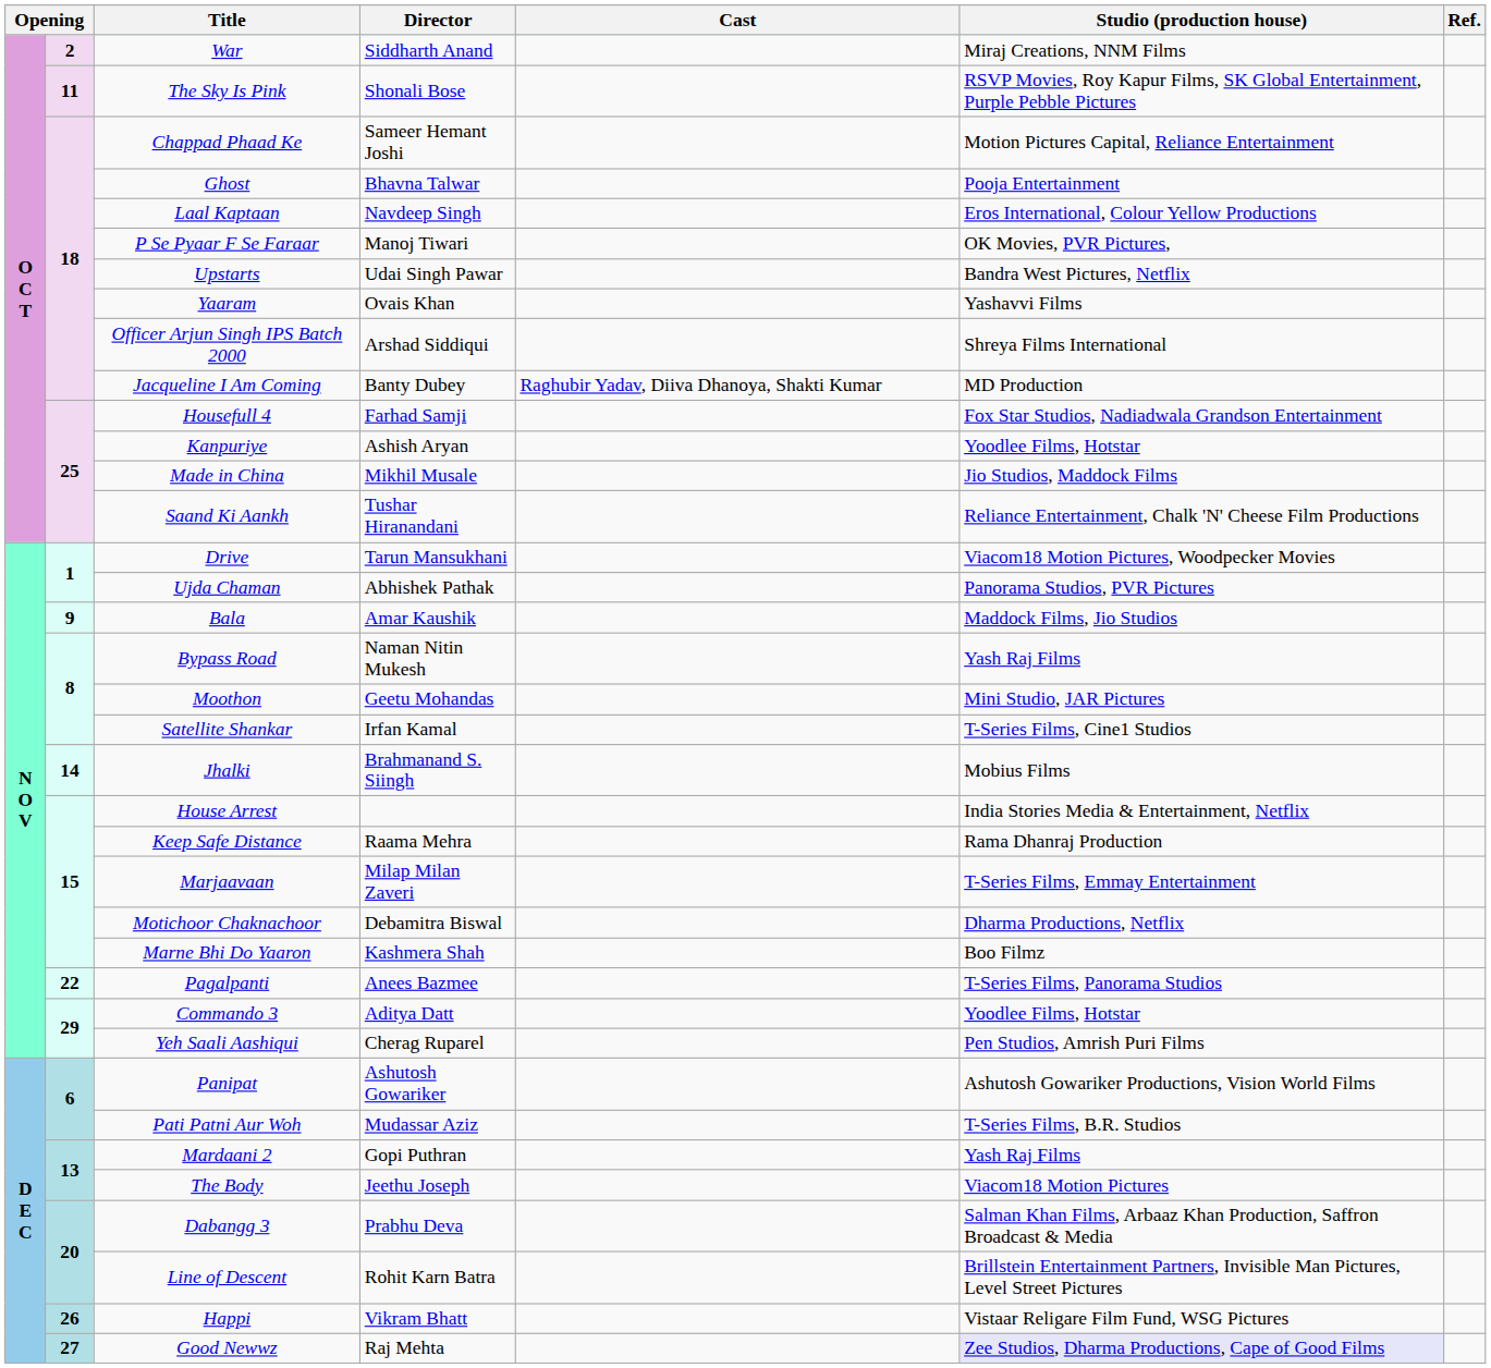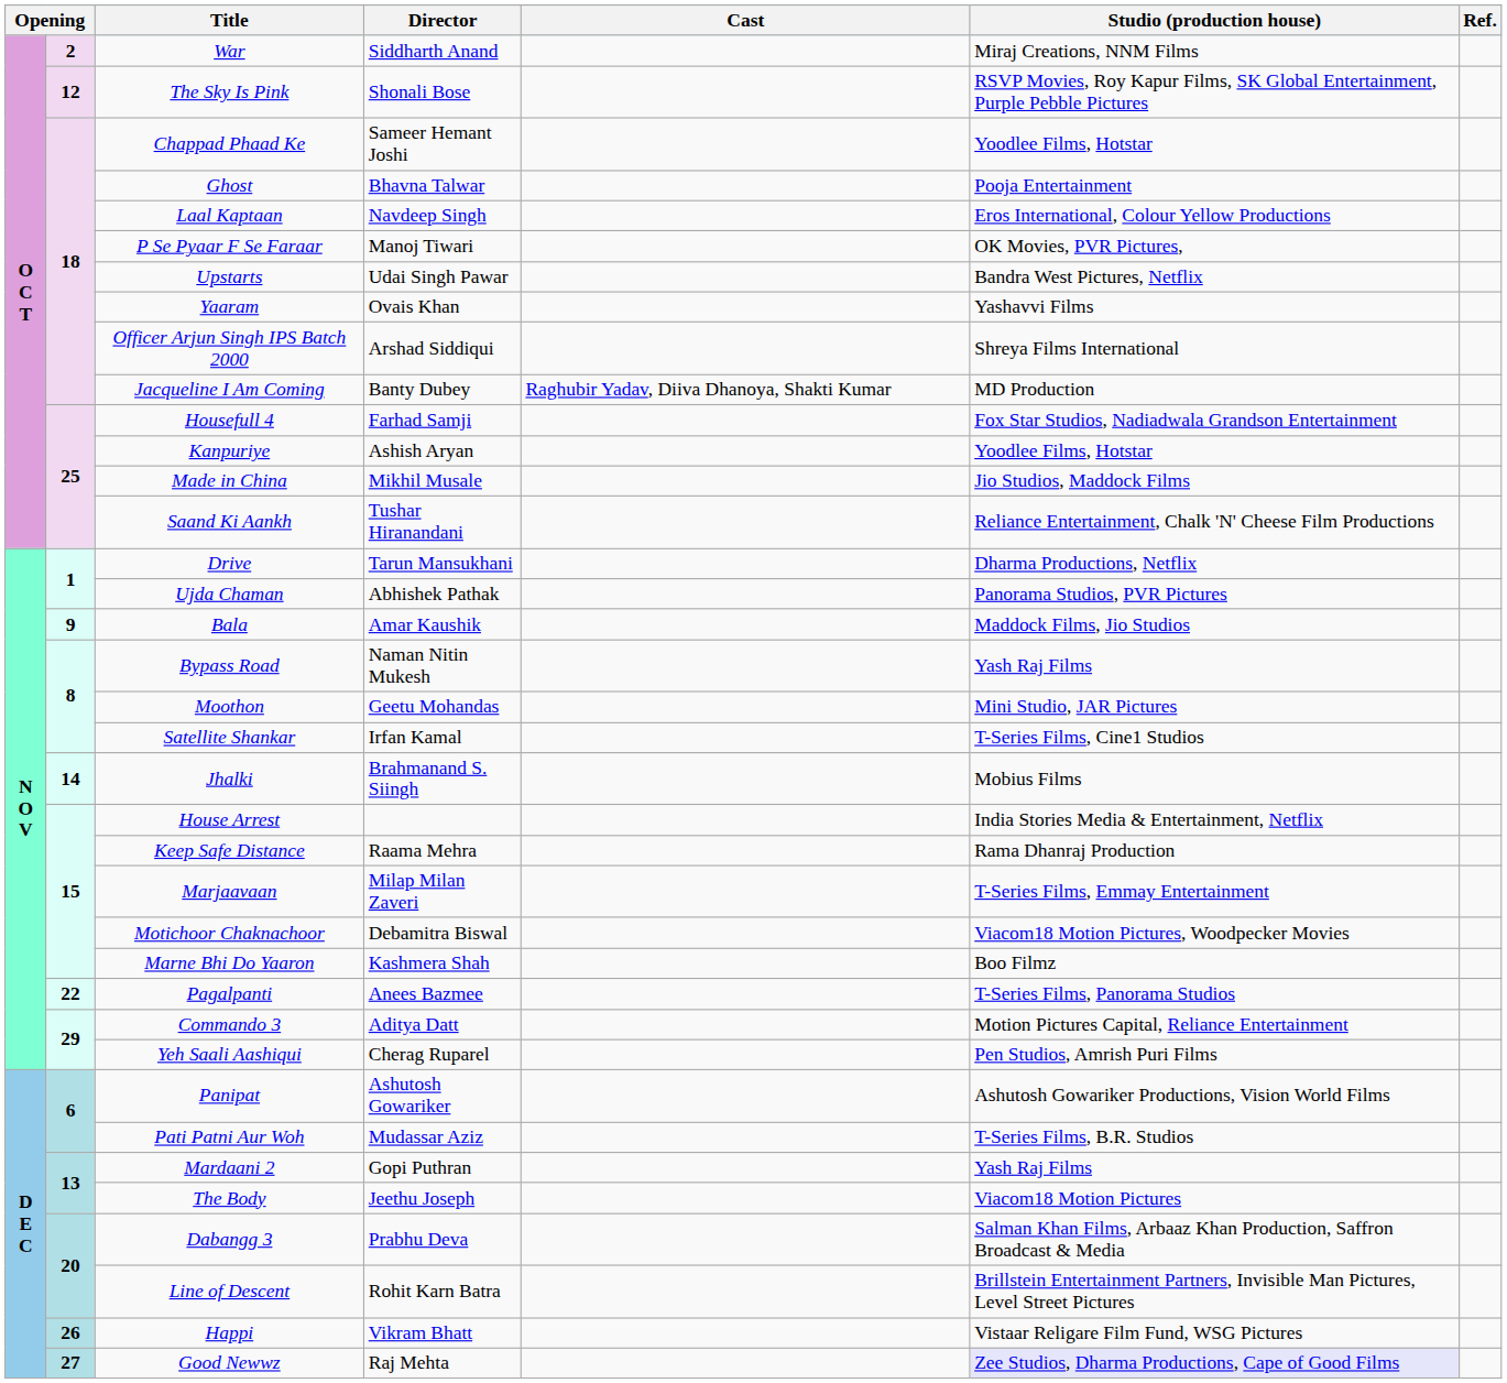 <table class="wikitable">
 <tr style="background:#b0e0e6; text-align:center;">
 <th colspan="2" style="width:6%;"><strong>Opening</strong></th>
 <th style="width:18%;"><strong>Title</strong></th>
 <th style="width:10.5%;"><strong>Director</strong></th>
 <th style="width:30%;"><strong>Cast</strong></th>
 <th>Studio (production house)</th>
 <th>Ref.</th>
 </tr>
 <tr>
 <td rowspan="14" style="text-align:center; background:plum;"><strong>O<br>C<br>T</strong></td>
 <td style="text-align:center; background:#f1daf1;"><strong>2</strong></td>
 <td style="text-align:center;"><em><a href='#'>War</a></em></td>
 <td><a href='#'>Siddharth Anand</a></td>
 <td></td>
 <td>Miraj Creations, NNM Films</td>
 <td></td>
 </tr>
 <tr>
-<td style="text-align:center; background:#f1daf1;"><strong>11</strong></td>
+<td style="text-align:center; background:#f1daf1;"><strong>12</strong></td>
 <td style="text-align:center;"><em><a href='#'>The Sky Is Pink</a> </em></td>
 <td><a href='#'>Shonali Bose</a></td>
 <td></td>
 <td><a href='#'>RSVP Movies</a>, Roy Kapur Films, <a href='#'>SK Global Entertainment</a>, <a href='#'>Purple Pebble Pictures</a></td>
 <td></td>
 </tr>
 <tr>
 <td rowspan="8" style="text-align:center;background:#f1daf1;"><strong>18</strong></td>
 <td style="text-align:center;"><em><a href='#'>Chappad Phaad Ke</a> </em></td>
 <td>Sameer Hemant Joshi</td>
 <td></td>
-<td>Motion Pictures Capital, <a href='#'>Reliance Entertainment</a></td>
+<td><a href='#'>Yoodlee Films</a>, <a href='#'>Hotstar</a></td>
 <td></td>
 </tr>
 <tr>
 <td style="text-align:center;"><em><a href='#'>Ghost</a></em></td>
 <td><a href='#'>Bhavna Talwar</a></td>
 <td></td>
 <td><a href='#'>Pooja Entertainment</a></td>
 <td></td>
 </tr>
 <tr>
 <td style="text-align:center;"><em><a href='#'>Laal Kaptaan</a></em></td>
 <td><a href='#'>Navdeep Singh</a></td>
 <td></td>
 <td><a href='#'>Eros International</a>, <a href='#'>Colour Yellow Productions</a></td>
 <td></td>
 </tr>
 <tr>
 <td style="text-align:center;"><em><a href='#'>P Se Pyaar F Se Faraar</a> </em></td>
 <td>Manoj Tiwari</td>
 <td></td>
 <td>OK Movies, <a href='#'>PVR Pictures</a>,</td>
 <td></td>
 </tr>
 <tr>
 <td style="text-align:center;"><em><a href='#'>Upstarts</a></em></td>
 <td>Udai Singh Pawar</td>
 <td></td>
 <td>Bandra West Pictures, <a href='#'>Netflix</a></td>
 <td></td>
 </tr>
 <tr>
 <td style="text-align:center;"><em><a href='#'>Yaaram</a></em></td>
 <td>Ovais Khan</td>
 <td></td>
 <td>Yashavvi Films</td>
 <td></td>
 </tr>
 <tr>
 <td style="text-align:center;"><em><a href='#'>Officer Arjun Singh IPS Batch 2000</a></em></td>
 <td>Arshad Siddiqui</td>
 <td></td>
 <td>Shreya Films International</td>
 <td></td>
 </tr>
 <tr>
 <td style="text-align:center;"><em><a href='#'>Jacqueline I Am Coming</a></em></td>
 <td>Banty Dubey</td>
 <td><a href='#'>Raghubir Yadav</a>, Diiva Dhanoya, Shakti Kumar</td>
 <td>MD Production</td>
 <td></td>
 </tr>
 <tr>
 <td rowspan="4" style="text-align:center;background:#f1daf1;"><strong>25</strong></td>
 <td style="text-align:center;"><em><a href='#'>Housefull 4</a></em></td>
 <td><a href='#'>Farhad Samji</a></td>
 <td></td>
 <td><a href='#'>Fox Star Studios</a>, <a href='#'>Nadiadwala Grandson Entertainment</a></td>
 <td></td>
 </tr>
 <tr>
 <td style="text-align:center;"><em><a href='#'>Kanpuriye</a></em></td>
 <td>Ashish Aryan</td>
 <td></td>
 <td><a href='#'>Yoodlee Films</a>, <a href='#'>Hotstar</a></td>
 <td></td>
 </tr>
 <tr>
 <td style="text-align:center;"><em><a href='#'>Made in China</a></em></td>
 <td><a href='#'>Mikhil Musale</a></td>
 <td></td>
 <td><a href='#'>Jio Studios</a>, <a href='#'>Maddock Films</a></td>
 <td></td>
 </tr>
 <tr>
 <td style="text-align:center;"><em><a href='#'>Saand Ki Aankh</a></em></td>
 <td><a href='#'>Tushar Hiranandani</a></td>
 <td></td>
 <td><a href='#'>Reliance Entertainment</a>, Chalk 'N' Cheese Film Productions</td>
 <td></td>
 </tr>
 <tr>
 <td rowspan="15" style="text-align:center; background:#7FFFD4; textcolor:#000;"><strong>N<br>O<br>V</strong></td>
 <td rowspan="2" style="text-align:center;background:#dbfff8;"><strong>1</strong></td>
 <td style="text-align:center;"><em><a href='#'>Drive</a></em></td>
 <td><a href='#'>Tarun Mansukhani</a></td>
 <td></td>
-<td><a href='#'>Viacom18 Motion Pictures</a>, Woodpecker Movies</td>
+<td><a href='#'>Dharma Productions</a>, <a href='#'>Netflix</a></td>
 <td></td>
 </tr>
 <tr>
 <td style="text-align:center;"><em><a href='#'>Ujda Chaman</a></em></td>
 <td>Abhishek Pathak</td>
 <td></td>
 <td><a href='#'>Panorama Studios</a>, <a href='#'>PVR Pictures</a></td>
 <td></td>
 </tr>
 <tr>
 <td style="text-align:center; background:#dbfff8;"><strong>9</strong></td>
 <td style="text-align:center;"><em><a href='#'>Bala</a></em></td>
 <td><a href='#'>Amar Kaushik</a></td>
 <td></td>
 <td><a href='#'>Maddock Films</a>, <a href='#'>Jio Studios</a></td>
 <td></td>
 </tr>
 <tr>
 <td rowspan="3" style="text-align:center;background:#dbfff8;"><strong>8</strong></td>
 <td style="text-align:center;"><em><a href='#'>Bypass Road</a></em></td>
 <td>Naman Nitin Mukesh</td>
 <td></td>
 <td><a href='#'>Yash Raj Films</a></td>
 <td></td>
 </tr>
 <tr>
 <td style="text-align:center;"><em><a href='#'>Moothon</a></em></td>
 <td><a href='#'>Geetu Mohandas</a></td>
 <td></td>
 <td><a href='#'>Mini Studio</a>, <a href='#'>JAR Pictures</a></td>
 <td></td>
 </tr>
 <tr>
 <td style="text-align:center;"><em><a href='#'>Satellite Shankar</a></em></td>
 <td>Irfan Kamal</td>
 <td></td>
 <td><a href='#'>T-Series Films</a>, Cine1 Studios</td>
 <td></td>
 </tr>
 <tr>
 <td style="text-align:center; background:#dbfff8;"><strong>14</strong></td>
 <td style="text-align:center;"><em><a href='#'>Jhalki</a></em></td>
 <td><a href='#'>Brahmanand S. Siingh</a></td>
 <td></td>
 <td>Mobius Films</td>
 <td></td>
 </tr>
 <tr>
 <td rowspan="5" style="text-align:center;background:#dbfff8;"><strong>15</strong></td>
 <td style="text-align:center;"><em><a href='#'>House Arrest</a></em></td>
 <td></td>
 <td></td>
 <td>India Stories Media & Entertainment, <a href='#'>Netflix</a></td>
 <td></td>
 </tr>
 <tr>
 <td style="text-align:center;"><em><a href='#'>Keep Safe Distance</a></em></td>
 <td>Raama Mehra</td>
 <td></td>
 <td>Rama Dhanraj Production</td>
 <td></td>
 </tr>
 <tr>
 <td style="text-align:center;"><em><a href='#'>Marjaavaan</a></em></td>
 <td><a href='#'>Milap Milan Zaveri</a></td>
 <td></td>
 <td><a href='#'>T-Series Films</a>, <a href='#'>Emmay Entertainment</a></td>
 <td></td>
 </tr>
 <tr>
 <td style="text-align:center;"><em><a href='#'>Motichoor Chaknachoor</a></em></td>
 <td>Debamitra Biswal</td>
 <td></td>
-<td><a href='#'>Dharma Productions</a>, <a href='#'>Netflix</a></td>
+<td><a href='#'>Viacom18 Motion Pictures</a>, Woodpecker Movies</td>
 <td></td>
 </tr>
 <tr>
 <td style="text-align:center;"><em><a href='#'>Marne Bhi Do Yaaron</a></em></td>
 <td><a href='#'>Kashmera Shah</a></td>
 <td></td>
 <td>Boo Filmz</td>
 <td></td>
 </tr>
 <tr>
 <td style="text-align:center;background:#dbfff8;"><strong>22</strong></td>
 <td style="text-align:center;"><em><a href='#'>Pagalpanti</a></em></td>
 <td><a href='#'>Anees Bazmee</a></td>
 <td></td>
 <td><a href='#'>T-Series Films</a>, <a href='#'>Panorama Studios</a></td>
 <td></td>
 </tr>
 <tr>
 <td rowspan="2" style="text-align:center;background:#dbfff8;"><strong>29</strong></td>
 <td style="text-align:center;"><em><a href='#'>Commando 3</a></em></td>
 <td><a href='#'>Aditya Datt</a></td>
 <td></td>
-<td><a href='#'>Yoodlee Films</a>, <a href='#'>Hotstar</a></td>
+<td>Motion Pictures Capital, <a href='#'>Reliance Entertainment</a></td>
 <td></td>
 </tr>
 <tr>
 <td style="text-align:center;"><em><a href='#'>Yeh Saali Aashiqui</a></em></td>
 <td>Cherag Ruparel</td>
 <td></td>
 <td><a href='#'>Pen Studios</a>, Amrish Puri Films</td>
 <td></td>
 </tr>
 <tr>
 <td rowspan="8" style="text-align:center; background:#93CCEA; textcolor:#000;"><strong>D<br>E<br>C</strong></td>
 <td rowspan="2" style="text-align:center;background:#B0E0E6;"><strong>6</strong></td>
 <td style="text-align:center;"><em><a href='#'>Panipat</a></em></td>
 <td><a href='#'>Ashutosh Gowariker</a></td>
 <td></td>
 <td>Ashutosh Gowariker Productions, Vision World Films</td>
 <td></td>
 </tr>
 <tr>
 <td style="text-align:center;"><em><a href='#'>Pati Patni Aur Woh</a></em></td>
 <td><a href='#'>Mudassar Aziz</a></td>
 <td></td>
 <td><a href='#'>T-Series Films</a>, B.R. Studios</td>
 <td></td>
 </tr>
 <tr>
 <td rowspan="2" style="text-align:center;background:#B0E0E6;"><strong>13</strong></td>
 <td style="text-align:center;"><em><a href='#'>Mardaani 2</a></em></td>
 <td>Gopi Puthran</td>
 <td></td>
 <td><a href='#'>Yash Raj Films</a></td>
 <td></td>
 </tr>
 <tr>
 <td style="text-align:center;"><em><a href='#'>The Body</a></em></td>
 <td><a href='#'>Jeethu Joseph</a></td>
 <td></td>
 <td><a href='#'>Viacom18 Motion Pictures</a></td>
 <td></td>
 </tr>
 <tr>
 <td rowspan="2" style="text-align:center; background:#b0e0e6;"><strong>20</strong></td>
 <td style="text-align:center;"><em><a href='#'>Dabangg 3</a></em></td>
 <td><a href='#'>Prabhu Deva</a></td>
 <td></td>
 <td><a href='#'>Salman Khan Films</a>, Arbaaz Khan Production, Saffron Broadcast & Media</td>
 <td></td>
 </tr>
 <tr>
 <td style="text-align:center;"><em><a href='#'>Line of Descent</a></em></td>
 <td>Rohit Karn Batra</td>
 <td></td>
 <td><a href='#'>Brillstein Entertainment Partners</a>, Invisible Man Pictures, Level Street Pictures</td>
 <td></td>
 </tr>
 <tr>
 <td style="text-align:center;background:#B0E0E6;"><strong>26</strong></td>
 <td style="text-align:center;"><em><a href='#'>Happi</a></em></td>
 <td><a href='#'>Vikram Bhatt</a></td>
 <td></td>
 <td>Vistaar Religare Film Fund, WSG Pictures</td>
 <td></td>
 </tr>
 <tr>
 <td style="text-align:center; background:#b0e0e6;"><strong>27</strong></td>
 <td style="text-align:center;"><em><a href='#'>Good Newwz</a></em></td>
 <td>Raj Mehta</td>
 <td></td>
 <td style="background: lavender;"><a href='#'>Zee Studios</a>, <a href='#'>Dharma Productions</a>, <a href='#'>Cape of Good Films</a></td>
 <td></td>
 </tr>
 </table>
